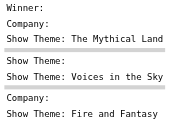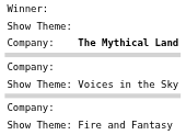 <table border="0" cellpadding="3">
 <tr>
 <td col span="2" style="back ground:light grey;">Winner: </td>
 </tr>
 <tr>
-<td>Company:</td>
+<td>Show Theme:</td>
 <td></td>
 </tr>
 <tr>
-<td>Show Theme:</td>
-<td>The Mythical Land</td>
+<td>Company:</td>
+<td><strong>The Mythical Land</strong></td>
 </tr>
 <tr>
 <td colspan="2" style="background:lightgrey;"></td>
 </tr>
 <tr>
-<td>Show Theme:</td>
+<td>Company:</td>
 <td></td>
 </tr>
 <tr>
 <td>Show Theme:</td>
 <td>Voices in the Sky</td>
 </tr>
 <tr>
 <td colspan="2" style="background:lightgrey;"></td>
 </tr>
 <tr>
 <td>Company:</td>
 <td></td>
 </tr>
 <tr>
 <td>Show Theme:</td>
 <td>Fire and Fantasy</td>
 </tr>
 </table>
